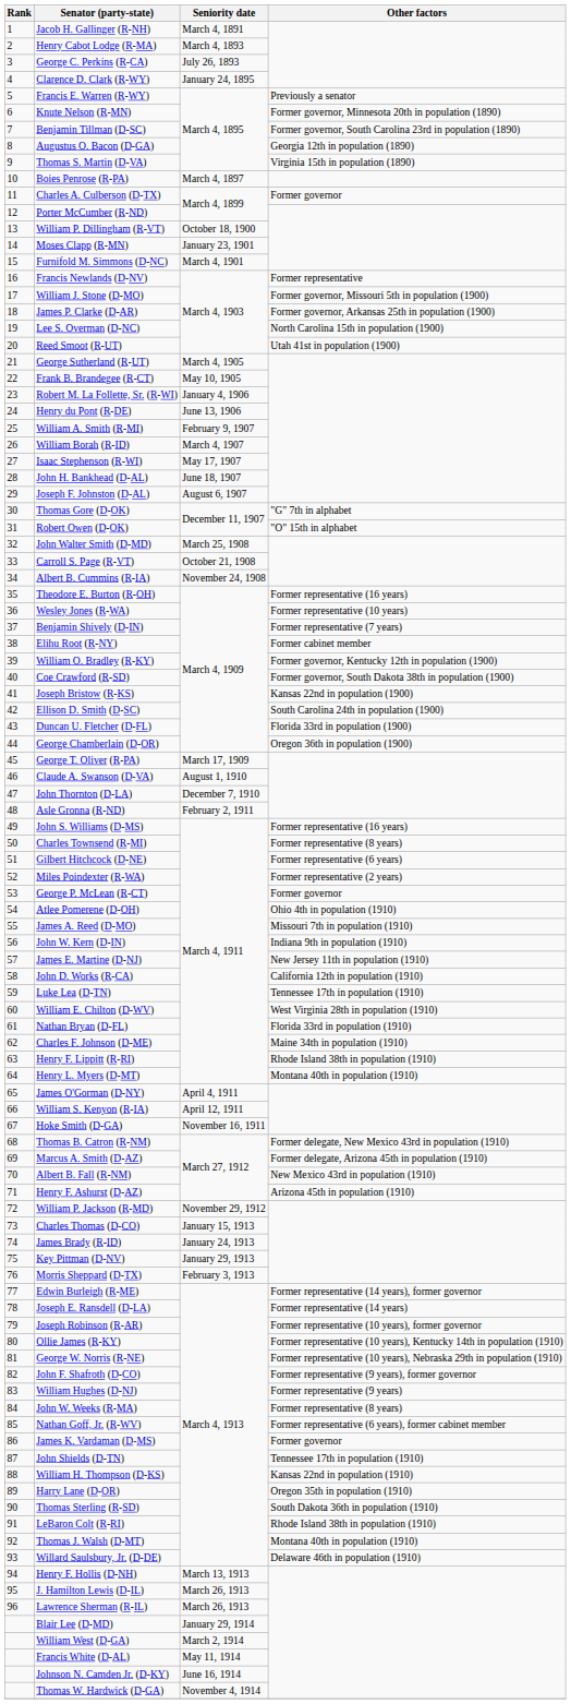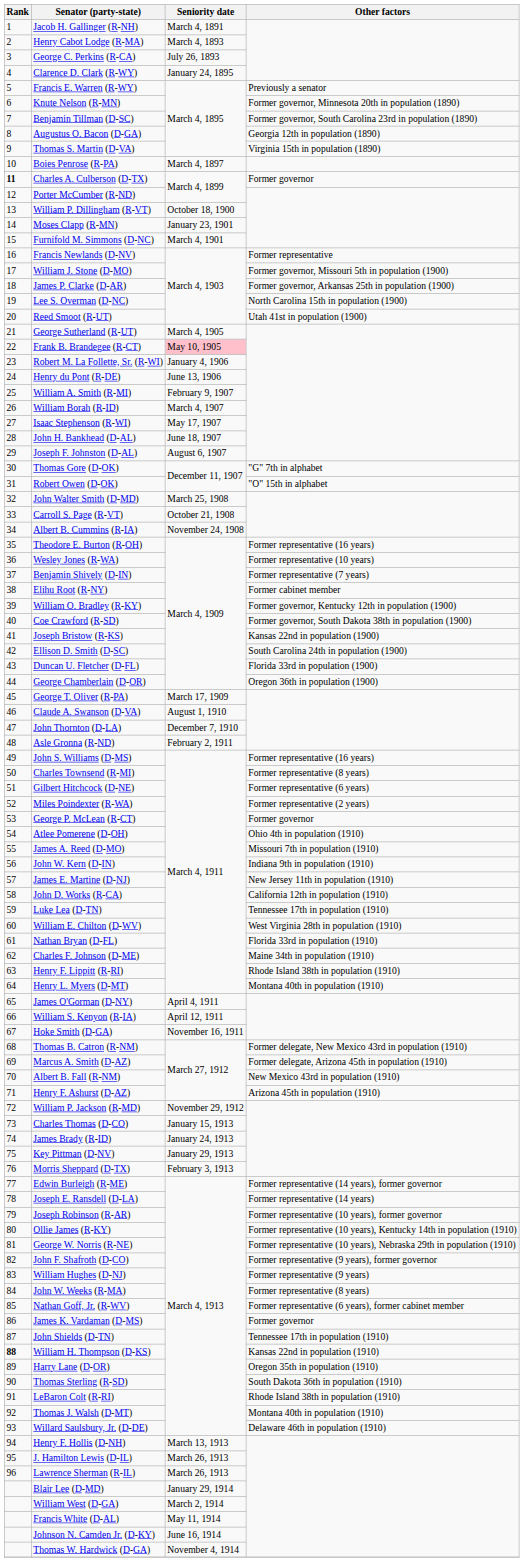 <table class=wikitable>
 <tr valign=bottom>
 <th>Rank</th>
 <th>Senator (party-state)</th>
 <th>Seniority date</th>
 <th>Other factors</th>
 </tr>
 <tr>
 <td>1</td>
 <td><a href='#'>Jacob H. Gallinger</a> (<a href='#'>R</a>-<a href='#'>NH</a>)</td>
 <td>March 4, 1891</td>
 <td rowspan=4></td>
 </tr>
 <tr>
 <td>2</td>
 <td><a href='#'>Henry Cabot Lodge</a> (<a href='#'>R</a>-<a href='#'>MA</a>)</td>
 <td>March 4, 1893</td>
 </tr>
 <tr>
 <td>3</td>
 <td><a href='#'>George C. Perkins</a> (<a href='#'>R</a>-<a href='#'>CA</a>)</td>
 <td>July 26, 1893</td>
 </tr>
 <tr>
 <td>4</td>
 <td><a href='#'>Clarence D. Clark</a> (<a href='#'>R</a>-<a href='#'>WY</a>)</td>
 <td>January 24, 1895</td>
 </tr>
 <tr>
 <td>5</td>
 <td><a href='#'>Francis E. Warren</a> (<a href='#'>R</a>-<a href='#'>WY</a>)</td>
 <td rowspan=5>March 4, 1895</td>
 <td>Previously a senator</td>
 </tr>
 <tr>
 <td>6</td>
 <td><a href='#'>Knute Nelson</a> (<a href='#'>R</a>-<a href='#'>MN</a>)</td>
 <td>Former governor, Minnesota 20th in population (1890)</td>
 </tr>
 <tr>
 <td>7</td>
 <td><a href='#'>Benjamin Tillman</a> (<a href='#'>D</a>-<a href='#'>SC</a>)</td>
 <td>Former governor, South Carolina 23rd in population (1890)</td>
 </tr>
 <tr>
 <td>8</td>
 <td><a href='#'>Augustus O. Bacon</a> (<a href='#'>D</a>-<a href='#'>GA</a>)</td>
 <td>Georgia 12th in population (1890)</td>
 </tr>
 <tr>
 <td>9</td>
 <td><a href='#'>Thomas S. Martin</a> (<a href='#'>D</a>-<a href='#'>VA</a>)</td>
 <td>Virginia 15th in population (1890)</td>
 </tr>
 <tr>
 <td>10</td>
 <td><a href='#'>Boies Penrose</a> (<a href='#'>R</a>-<a href='#'>PA</a>)</td>
 <td>March 4, 1897</td>
 <td></td>
 </tr>
 <tr>
-<td>11</td>
+<td><strong>11</strong></td>
 <td><a href='#'>Charles A. Culberson</a> (<a href='#'>D</a>-<a href='#'>TX</a>)</td>
 <td rowspan=2>March 4, 1899</td>
 <td>Former governor</td>
 </tr>
 <tr>
 <td>12</td>
 <td><a href='#'>Porter McCumber</a> (<a href='#'>R</a>-<a href='#'>ND</a>)</td>
 <td rowspan=4></td>
 </tr>
 <tr>
 <td>13</td>
 <td><a href='#'>William P. Dillingham</a> (<a href='#'>R</a>-<a href='#'>VT</a>)</td>
 <td>October 18, 1900</td>
 </tr>
 <tr>
 <td>14</td>
 <td><a href='#'>Moses Clapp</a> (<a href='#'>R</a>-<a href='#'>MN</a>)</td>
 <td>January 23, 1901</td>
 </tr>
 <tr>
 <td>15</td>
 <td><a href='#'>Furnifold M. Simmons</a> (<a href='#'>D</a>-<a href='#'>NC</a>)</td>
 <td>March 4, 1901</td>
 </tr>
 <tr>
 <td>16</td>
 <td><a href='#'>Francis Newlands</a> (<a href='#'>D</a>-<a href='#'>NV</a>)</td>
 <td rowspan=5>March 4, 1903</td>
 <td>Former representative</td>
 </tr>
 <tr>
 <td>17</td>
 <td><a href='#'>William J. Stone</a> (<a href='#'>D</a>-<a href='#'>MO</a>)</td>
 <td>Former governor, Missouri 5th in population (1900)</td>
 </tr>
 <tr>
 <td>18</td>
 <td><a href='#'>James P. Clarke</a> (<a href='#'>D</a>-<a href='#'>AR</a>)</td>
 <td>Former governor, Arkansas 25th in population (1900)</td>
 </tr>
 <tr>
 <td>19</td>
 <td><a href='#'>Lee S. Overman</a> (<a href='#'>D</a>-<a href='#'>NC</a>)</td>
 <td>North Carolina 15th in population (1900)</td>
 </tr>
 <tr>
 <td>20</td>
 <td><a href='#'>Reed Smoot</a> (<a href='#'>R</a>-<a href='#'>UT</a>)</td>
 <td>Utah 41st in population (1900)</td>
 </tr>
 <tr>
 <td>21</td>
 <td><a href='#'>George Sutherland</a> (<a href='#'>R</a>-<a href='#'>UT</a>)</td>
 <td>March 4, 1905</td>
 <td rowspan=9></td>
 </tr>
 <tr>
 <td>22</td>
 <td><a href='#'>Frank B. Brandegee</a> (<a href='#'>R</a>-<a href='#'>CT</a>)</td>
-<td>May 10, 1905</td>
+<td style="background: pink;">May 10, 1905</td>
 </tr>
 <tr>
 <td>23</td>
 <td><a href='#'>Robert M. La Follette, Sr.</a> (<a href='#'>R</a>-<a href='#'>WI</a>)</td>
 <td>January 4, 1906</td>
 </tr>
 <tr>
 <td>24</td>
 <td><a href='#'>Henry du Pont</a> (<a href='#'>R</a>-<a href='#'>DE</a>)</td>
 <td>June 13, 1906</td>
 </tr>
 <tr>
 <td>25</td>
 <td><a href='#'>William A. Smith</a> (<a href='#'>R</a>-<a href='#'>MI</a>)</td>
 <td>February 9, 1907</td>
 </tr>
 <tr>
 <td>26</td>
 <td><a href='#'>William Borah</a> (<a href='#'>R</a>-<a href='#'>ID</a>)</td>
 <td>March 4, 1907</td>
 </tr>
 <tr>
 <td>27</td>
 <td><a href='#'>Isaac Stephenson</a> (<a href='#'>R</a>-<a href='#'>WI</a>)</td>
 <td>May 17, 1907</td>
 </tr>
 <tr>
 <td>28</td>
 <td><a href='#'>John H. Bankhead</a> (<a href='#'>D</a>-<a href='#'>AL</a>)</td>
 <td>June 18, 1907</td>
 </tr>
 <tr>
 <td>29</td>
 <td><a href='#'>Joseph F. Johnston</a> (<a href='#'>D</a>-<a href='#'>AL</a>)</td>
 <td>August 6, 1907</td>
 </tr>
 <tr>
 <td>30</td>
 <td><a href='#'>Thomas Gore</a> (<a href='#'>D</a>-<a href='#'>OK</a>)</td>
 <td rowspan=2>December 11, 1907</td>
 <td>"G" 7th in alphabet</td>
 </tr>
 <tr>
 <td>31</td>
 <td><a href='#'>Robert Owen</a> (<a href='#'>D</a>-<a href='#'>OK</a>)</td>
 <td>"O" 15th in alphabet</td>
 </tr>
 <tr>
 <td>32</td>
 <td><a href='#'>John Walter Smith</a> (<a href='#'>D</a>-<a href='#'>MD</a>)</td>
 <td>March 25, 1908</td>
 <td rowspan=3></td>
 </tr>
 <tr>
 <td>33</td>
 <td><a href='#'>Carroll S. Page</a> (<a href='#'>R</a>-<a href='#'>VT</a>)</td>
 <td>October 21, 1908</td>
 </tr>
 <tr>
 <td>34</td>
 <td><a href='#'>Albert B. Cummins</a> (<a href='#'>R</a>-<a href='#'>IA</a>)</td>
 <td>November 24, 1908</td>
 </tr>
 <tr>
 <td>35</td>
 <td><a href='#'>Theodore E. Burton</a> (<a href='#'>R</a>-<a href='#'>OH</a>)</td>
 <td rowspan=10>March 4, 1909</td>
 <td>Former representative (16 years)</td>
 </tr>
 <tr>
 <td>36</td>
 <td><a href='#'>Wesley Jones</a> (<a href='#'>R</a>-<a href='#'>WA</a>)</td>
 <td>Former representative (10 years)</td>
 </tr>
 <tr>
 <td>37</td>
 <td><a href='#'>Benjamin Shively</a> (<a href='#'>D</a>-<a href='#'>IN</a>)</td>
 <td>Former representative (7 years)</td>
 </tr>
 <tr>
 <td>38</td>
 <td><a href='#'>Elihu Root</a> (<a href='#'>R</a>-<a href='#'>NY</a>)</td>
 <td>Former cabinet member</td>
 </tr>
 <tr>
 <td>39</td>
 <td><a href='#'>William O. Bradley</a> (<a href='#'>R</a>-<a href='#'>KY</a>)</td>
 <td>Former governor, Kentucky 12th in population (1900)</td>
 </tr>
 <tr>
 <td>40</td>
 <td><a href='#'>Coe Crawford</a> (<a href='#'>R</a>-<a href='#'>SD</a>)</td>
 <td>Former governor, South Dakota 38th in population (1900)</td>
 </tr>
 <tr>
 <td>41</td>
 <td><a href='#'>Joseph Bristow</a> (<a href='#'>R</a>-<a href='#'>KS</a>)</td>
 <td>Kansas 22nd in population (1900)</td>
 </tr>
 <tr>
 <td>42</td>
 <td><a href='#'>Ellison D. Smith</a> (<a href='#'>D</a>-<a href='#'>SC</a>)</td>
 <td>South Carolina 24th in population (1900)</td>
 </tr>
 <tr>
 <td>43</td>
 <td><a href='#'>Duncan U. Fletcher</a> (<a href='#'>D</a>-<a href='#'>FL</a>)</td>
 <td>Florida 33rd in population (1900)</td>
 </tr>
 <tr>
 <td>44</td>
 <td><a href='#'>George Chamberlain</a> (<a href='#'>D</a>-<a href='#'>OR</a>)</td>
 <td>Oregon 36th in population (1900)</td>
 </tr>
 <tr>
 <td>45</td>
 <td><a href='#'>George T. Oliver</a> (<a href='#'>R</a>-<a href='#'>PA</a>)</td>
 <td>March 17, 1909</td>
 <td rowspan=4></td>
 </tr>
 <tr>
 <td>46</td>
 <td><a href='#'>Claude A. Swanson</a> (<a href='#'>D</a>-<a href='#'>VA</a>)</td>
 <td>August 1, 1910</td>
 </tr>
 <tr>
 <td>47</td>
 <td><a href='#'>John Thornton</a> (<a href='#'>D</a>-<a href='#'>LA</a>)</td>
 <td>December 7, 1910</td>
 </tr>
 <tr>
 <td>48</td>
 <td><a href='#'>Asle Gronna</a> (<a href='#'>R</a>-<a href='#'>ND</a>)</td>
 <td>February 2, 1911</td>
 </tr>
 <tr>
 <td>49</td>
 <td><a href='#'>John S. Williams</a> (<a href='#'>D</a>-<a href='#'>MS</a>)</td>
 <td rowspan=16>March 4, 1911</td>
 <td>Former representative (16 years)</td>
 </tr>
 <tr>
 <td>50</td>
 <td><a href='#'>Charles Townsend</a> (<a href='#'>R</a>-<a href='#'>MI</a>)</td>
 <td>Former representative (8 years)</td>
 </tr>
 <tr>
 <td>51</td>
 <td><a href='#'>Gilbert Hitchcock</a> (<a href='#'>D</a>-<a href='#'>NE</a>)</td>
 <td>Former representative (6 years)</td>
 </tr>
 <tr>
 <td>52</td>
 <td><a href='#'>Miles Poindexter</a> (<a href='#'>R</a>-<a href='#'>WA</a>)</td>
 <td>Former representative (2 years)</td>
 </tr>
 <tr>
 <td>53</td>
 <td><a href='#'>George P. McLean</a> (<a href='#'>R</a>-<a href='#'>CT</a>)</td>
 <td>Former governor</td>
 </tr>
 <tr>
 <td>54</td>
 <td><a href='#'>Atlee Pomerene</a> (<a href='#'>D</a>-<a href='#'>OH</a>)</td>
 <td>Ohio 4th in population (1910)</td>
 </tr>
 <tr>
 <td>55</td>
 <td><a href='#'>James A. Reed</a> (<a href='#'>D</a>-<a href='#'>MO</a>)</td>
 <td>Missouri 7th in population (1910)</td>
 </tr>
 <tr>
 <td>56</td>
 <td><a href='#'>John W. Kern</a> (<a href='#'>D</a>-<a href='#'>IN</a>)</td>
 <td>Indiana 9th in population (1910)</td>
 </tr>
 <tr>
 <td>57</td>
 <td><a href='#'>James E. Martine</a> (<a href='#'>D</a>-<a href='#'>NJ</a>)</td>
 <td>New Jersey 11th in population (1910)</td>
 </tr>
 <tr>
 <td>58</td>
 <td><a href='#'>John D. Works</a> (<a href='#'>R</a>-<a href='#'>CA</a>)</td>
 <td>California 12th in population (1910)</td>
 </tr>
 <tr>
 <td>59</td>
 <td><a href='#'>Luke Lea</a> (<a href='#'>D</a>-<a href='#'>TN</a>)</td>
 <td>Tennessee 17th in population (1910)</td>
 </tr>
 <tr>
 <td>60</td>
 <td><a href='#'>William E. Chilton</a> (<a href='#'>D</a>-<a href='#'>WV</a>)</td>
 <td>West Virginia 28th in population (1910)</td>
 </tr>
 <tr>
 <td>61</td>
 <td><a href='#'>Nathan Bryan</a> (<a href='#'>D</a>-<a href='#'>FL</a>)</td>
 <td>Florida 33rd in population (1910)</td>
 </tr>
 <tr>
 <td>62</td>
 <td><a href='#'>Charles F. Johnson</a> (<a href='#'>D</a>-<a href='#'>ME</a>)</td>
 <td>Maine 34th in population (1910)</td>
 </tr>
 <tr>
 <td>63</td>
 <td><a href='#'>Henry F. Lippitt</a> (<a href='#'>R</a>-<a href='#'>RI</a>)</td>
 <td>Rhode Island 38th in population (1910)</td>
 </tr>
 <tr>
 <td>64</td>
 <td><a href='#'>Henry L. Myers</a> (<a href='#'>D</a>-<a href='#'>MT</a>)</td>
 <td>Montana 40th in population (1910)</td>
 </tr>
 <tr>
 <td>65</td>
 <td><a href='#'>James O'Gorman</a> (<a href='#'>D</a>-<a href='#'>NY</a>)</td>
 <td>April 4, 1911</td>
 <td rowspan=3></td>
 </tr>
 <tr>
 <td>66</td>
 <td><a href='#'>William S. Kenyon</a> (<a href='#'>R</a>-<a href='#'>IA</a>)</td>
 <td>April 12, 1911</td>
 </tr>
 <tr>
 <td>67</td>
 <td><a href='#'>Hoke Smith</a> (<a href='#'>D</a>-<a href='#'>GA</a>)</td>
 <td>November 16, 1911</td>
 </tr>
 <tr>
 <td>68</td>
 <td><a href='#'>Thomas B. Catron</a> (<a href='#'>R</a>-<a href='#'>NM</a>)</td>
 <td rowspan=4>March 27, 1912</td>
 <td>Former delegate, New Mexico 43rd in population (1910)</td>
 </tr>
 <tr>
 <td>69</td>
 <td><a href='#'>Marcus A. Smith</a> (<a href='#'>D</a>-<a href='#'>AZ</a>)</td>
 <td>Former delegate, Arizona 45th in population (1910)</td>
 </tr>
 <tr>
 <td>70</td>
 <td><a href='#'>Albert B. Fall</a> (<a href='#'>R</a>-<a href='#'>NM</a>)</td>
 <td>New Mexico 43rd in population (1910)</td>
 </tr>
 <tr>
 <td>71</td>
 <td><a href='#'>Henry F. Ashurst</a> (<a href='#'>D</a>-<a href='#'>AZ</a>)</td>
 <td>Arizona 45th in population (1910)</td>
 </tr>
 <tr>
 <td>72</td>
 <td><a href='#'>William P. Jackson</a> (<a href='#'>R</a>-<a href='#'>MD</a>)</td>
 <td>November 29, 1912</td>
 <td rowspan=5></td>
 </tr>
 <tr>
 <td>73</td>
 <td><a href='#'>Charles Thomas</a> (<a href='#'>D</a>-<a href='#'>CO</a>)</td>
 <td>January 15, 1913</td>
 </tr>
 <tr>
 <td>74</td>
 <td><a href='#'>James Brady</a> (<a href='#'>R</a>-<a href='#'>ID</a>)</td>
 <td>January 24, 1913</td>
 </tr>
 <tr>
 <td>75</td>
 <td><a href='#'>Key Pittman</a> (<a href='#'>D</a>-<a href='#'>NV</a>)</td>
 <td>January 29, 1913</td>
 </tr>
 <tr>
 <td>76</td>
 <td><a href='#'>Morris Sheppard</a> (<a href='#'>D</a>-<a href='#'>TX</a>)</td>
 <td>February 3, 1913</td>
 </tr>
 <tr>
 <td>77</td>
 <td><a href='#'>Edwin Burleigh</a> (<a href='#'>R</a>-<a href='#'>ME</a>)</td>
 <td rowspan=17>March 4, 1913</td>
 <td>Former representative (14 years), former governor</td>
 </tr>
 <tr>
 <td>78</td>
 <td><a href='#'>Joseph E. Ransdell</a> (<a href='#'>D</a>-<a href='#'>LA</a>)</td>
 <td>Former representative (14 years)</td>
 </tr>
 <tr>
 <td>79</td>
 <td><a href='#'>Joseph Robinson</a> (<a href='#'>R</a>-<a href='#'>AR</a>)</td>
 <td>Former representative (10 years), former governor</td>
 </tr>
 <tr>
 <td>80</td>
 <td><a href='#'>Ollie James</a> (<a href='#'>R</a>-<a href='#'>KY</a>)</td>
 <td>Former representative (10 years), Kentucky 14th in population (1910)</td>
 </tr>
 <tr>
 <td>81</td>
 <td><a href='#'>George W. Norris</a> (<a href='#'>R</a>-<a href='#'>NE</a>)</td>
 <td>Former representative (10 years), Nebraska 29th in population (1910)</td>
 </tr>
 <tr>
 <td>82</td>
 <td><a href='#'>John F. Shafroth</a> (<a href='#'>D</a>-<a href='#'>CO</a>)</td>
 <td>Former representative (9 years), former governor</td>
 </tr>
 <tr>
 <td>83</td>
 <td><a href='#'>William Hughes</a> (<a href='#'>D</a>-<a href='#'>NJ</a>)</td>
 <td>Former representative (9 years)</td>
 </tr>
 <tr>
 <td>84</td>
 <td><a href='#'>John W. Weeks</a> (<a href='#'>R</a>-<a href='#'>MA</a>)</td>
 <td>Former representative (8 years)</td>
 </tr>
 <tr>
 <td>85</td>
 <td><a href='#'>Nathan Goff, Jr.</a> (<a href='#'>R</a>-<a href='#'>WV</a>)</td>
 <td>Former representative (6 years), former cabinet member</td>
 </tr>
 <tr>
 <td>86</td>
 <td><a href='#'>James K. Vardaman</a> (<a href='#'>D</a>-<a href='#'>MS</a>)</td>
 <td>Former governor</td>
 </tr>
 <tr>
 <td>87</td>
 <td><a href='#'>John Shields</a> (<a href='#'>D</a>-<a href='#'>TN</a>)</td>
 <td>Tennessee 17th in population (1910)</td>
 </tr>
 <tr>
-<td>88</td>
+<td><strong>88</strong></td>
 <td><a href='#'>William H. Thompson</a> (<a href='#'>D</a>-<a href='#'>KS</a>)</td>
 <td>Kansas 22nd in population (1910)</td>
 </tr>
 <tr>
 <td>89</td>
 <td><a href='#'>Harry Lane</a> (<a href='#'>D</a>-<a href='#'>OR</a>)</td>
 <td>Oregon 35th in population (1910)</td>
 </tr>
 <tr>
 <td>90</td>
 <td><a href='#'>Thomas Sterling</a> (<a href='#'>R</a>-<a href='#'>SD</a>)</td>
 <td>South Dakota 36th in population (1910)</td>
 </tr>
 <tr>
 <td>91</td>
 <td><a href='#'>LeBaron Colt</a> (<a href='#'>R</a>-<a href='#'>RI</a>)</td>
 <td>Rhode Island 38th in population (1910)</td>
 </tr>
 <tr>
 <td>92</td>
 <td><a href='#'>Thomas J. Walsh</a> (<a href='#'>D</a>-<a href='#'>MT</a>)</td>
 <td>Montana 40th in population (1910)</td>
 </tr>
 <tr>
 <td>93</td>
 <td><a href='#'>Willard Saulsbury, Jr.</a> (<a href='#'>D</a>-<a href='#'>DE</a>)</td>
 <td>Delaware 46th in population (1910)</td>
 </tr>
 <tr>
 <td>94</td>
 <td><a href='#'>Henry F. Hollis</a> (<a href='#'>D</a>-<a href='#'>NH</a>)</td>
 <td>March 13, 1913</td>
 <td rowspan=8></td>
 </tr>
 <tr>
 <td>95</td>
 <td><a href='#'>J. Hamilton Lewis</a> (<a href='#'>D</a>-<a href='#'>IL</a>)</td>
 <td>March 26, 1913</td>
 </tr>
 <tr>
 <td>96</td>
 <td><a href='#'>Lawrence Sherman</a> (<a href='#'>R</a>-<a href='#'>IL</a>)</td>
 <td>March 26, 1913</td>
 </tr>
 <tr>
 <td></td>
 <td><a href='#'>Blair Lee</a> (<a href='#'>D</a>-<a href='#'>MD</a>)</td>
 <td>January 29, 1914</td>
 </tr>
 <tr>
 <td></td>
 <td><a href='#'>William West</a> (<a href='#'>D</a>-<a href='#'>GA</a>)</td>
 <td>March 2, 1914</td>
 </tr>
 <tr>
 <td></td>
 <td><a href='#'>Francis White</a> (<a href='#'>D</a>-<a href='#'>AL</a>)</td>
 <td>May 11, 1914</td>
 </tr>
 <tr>
 <td></td>
 <td><a href='#'>Johnson N. Camden Jr.</a> (<a href='#'>D</a>-<a href='#'>KY</a>)</td>
 <td>June 16, 1914</td>
 </tr>
 <tr>
 <td></td>
 <td><a href='#'>Thomas W. Hardwick</a> (<a href='#'>D</a>-<a href='#'>GA</a>)</td>
 <td>November 4, 1914</td>
 </tr>
 <tr>
 </tr>
 </table>
